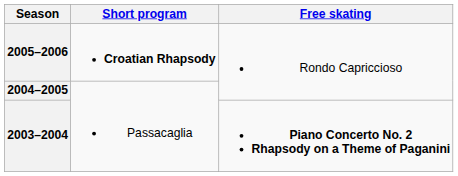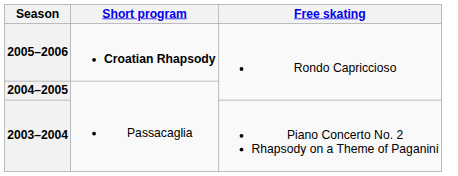 <table class=wikitable style=text-align:center>
 <tr>
 <th>Season</th>
 <th><a href='#'>Short program</a></th>
 <th><a href='#'>Free skating</a></th>
 </tr>
 <tr>
 <th>2005–2006 <br> </th>
 <td><strong><br><ul><li>Croatian Rhapsody<br></li></ul></strong></td>
 <td rowspan=2><br><ul><li>Rondo Capriccioso <br></li></ul></td>
 </tr>
 <tr>
 <th>2004–2005 <br> </th>
 <td rowspan=2><br><ul><li>Passacaglia <br></li></ul></td>
 </tr>
 <tr>
 <th>2003–2004 <br> </th>
-<td><strong><br><ul><li>Piano Concerto No. 2 <br></li><li>Rhapsody on a Theme of Paganini <br></li></ul></strong></td>
+<td><br><ul><li>Piano Concerto No. 2 <br></li><li>Rhapsody on a Theme of Paganini <br></li></ul></td>
 </tr>
 </table>
